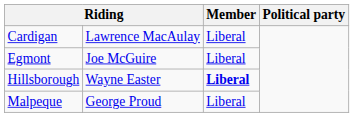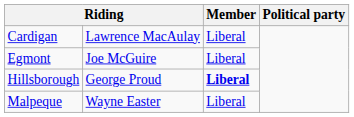 <table class="wikitable">
 <tr>
 <th colspan=2>Riding</th>
 <th>Member</th>
 <th>Political party</th>
 </tr>
 <tr>
 <td><a href='#'>Cardigan</a></td>
 <td><a href='#'>Lawrence MacAulay</a></td>
 <td><a href='#'>Liberal</a></td>
 </tr>
 <tr>
 <td><a href='#'>Egmont</a></td>
 <td><a href='#'>Joe McGuire</a></td>
 <td><a href='#'>Liberal</a></td>
 </tr>
 <tr>
 <td><a href='#'>Hillsborough</a></td>
-<td><a href='#'>Wayne Easter</a></td>
+<td><a href='#'>George Proud</a></td>
 <td><strong><a href='#'>Liberal</a></strong></td>
 </tr>
 <tr>
 <td><a href='#'>Malpeque</a></td>
-<td><a href='#'>George Proud</a></td>
+<td><a href='#'>Wayne Easter</a></td>
 <td><a href='#'>Liberal</a></td>
 </tr>
 </table>
